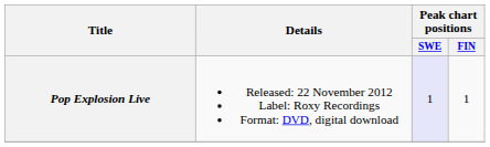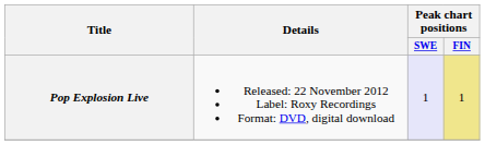 <table class="wikitable plainrowheaders" style="text-align:center;">
 <tr>
 <th scope="col" rowspan="2" style="width:15em;">Title</th>
 <th scope="col" rowspan="2" style="width:17em;">Details</th>
 <th scope="col" colspan="2">Peak chart positions</th>
 </tr>
 <tr>
 <th scope="col" style="width:3em;font-size:85%;"><a href='#'>SWE</a><br></th>
 <th scope="col" style="width:3em;font-size:85%;"><a href='#'>FIN</a><br></th>
 </tr>
 <tr>
 <th scope="row"><em>Pop Explosion Live</em></th>
 <td><br><ul><li>Released: 22 November 2012</li><li>Label: Roxy Recordings</li><li>Format: <a href='#'>DVD</a>, digital download</li></ul></td>
 <td style="background: lavender;">1</td>
-<td>1</td>
+<td style="background: khaki;">1</td>
 </tr>
 <tr>
 </tr>
 </table>
